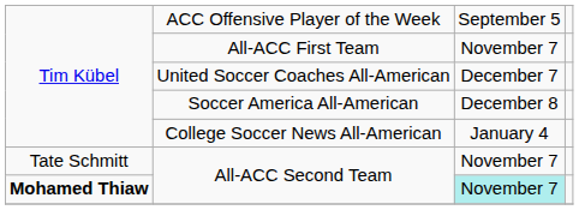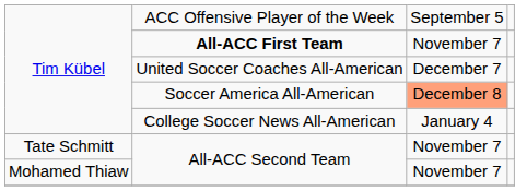 <table class="wikitable sortable" style="text-align: center">
 <tr>
 <td rowspan="5"><a href='#'>Tim Kübel</a></td>
 <td>ACC Offensive Player of the Week</td>
 <td>September 5</td>
 <td></td>
 </tr>
 <tr>
-<td>All-ACC First Team</td>
+<td><strong>All-ACC First Team</strong></td>
 <td>November 7</td>
 <td></td>
 </tr>
 <tr>
 <td>United Soccer Coaches All-American</td>
 <td>December 7</td>
 <td></td>
 </tr>
 <tr>
 <td>Soccer America All-American</td>
-<td>December 8</td>
+<td style="background: lightsalmon;">December 8</td>
 <td></td>
 </tr>
 <tr>
 <td>College Soccer News All-American</td>
 <td>January 4</td>
 <td></td>
 </tr>
 <tr>
 <td>Tate Schmitt</td>
 <td rowspan="2">All-ACC Second Team</td>
 <td>November 7</td>
 <td></td>
 </tr>
 <tr>
-<td><strong>Mohamed Thiaw</strong></td>
-<td style="background: paleturquoise;">November 7</td>
+<td>Mohamed Thiaw</td>
+<td>November 7</td>
 <td></td>
 </tr>
 <tr>
 </tr>
 </table>
